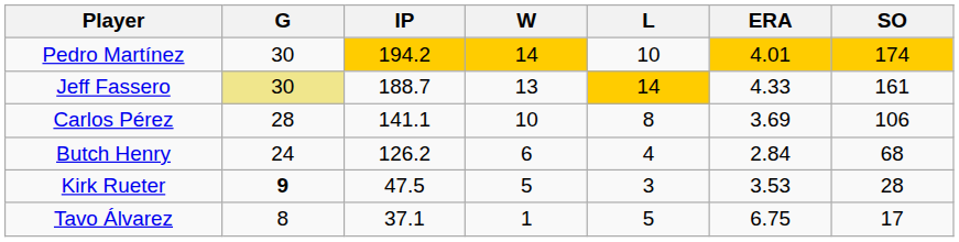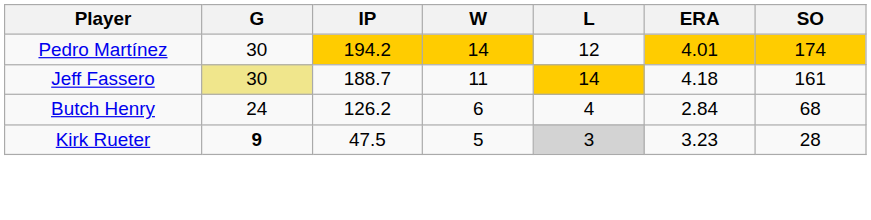 <table class="wikitable sortable">
 <tr>
 <th bgcolor="#DDDDFF" width="16%">Player</th>
 <th bgcolor="#DDDDFF" width="9%">G</th>
 <th bgcolor="#DDDDFF" width="9%">IP</th>
 <th bgcolor="#DDDDFF" width="9%">W</th>
 <th bgcolor="#DDDDFF" width="9%">L</th>
 <th bgcolor="#DDDDFF" width="9%">ERA</th>
 <th bgcolor="#DDDDFF" width="9%">SO</th>
 </tr>
 <tr align=center>
 <td><a href='#'>Pedro Martínez</a></td>
 <td>30</td>
 <td bgcolor="#FFCC00">194.2</td>
 <td bgcolor="#FFCC00">14</td>
-<td>10</td>
+<td>12</td>
 <td bgcolor="#FFCC00">4.01</td>
 <td bgcolor="#FFCC00">174</td>
 </tr>
 <tr align=center>
 <td><a href='#'>Jeff Fassero</a></td>
 <td style="background: khaki;">30</td>
 <td>188.7</td>
-<td>13</td>
+<td>11</td>
 <td bgcolor="#FFCC00">14</td>
-<td>4.33</td>
+<td>4.18</td>
 <td>161</td>
-</tr>
-<tr align=center>
-<td><a href='#'>Carlos Pérez</a></td>
-<td>28</td>
-<td>141.1</td>
-<td>10</td>
-<td>8</td>
-<td>3.69</td>
-<td>106</td>
 </tr>
 <tr align=center>
 <td><a href='#'>Butch Henry</a></td>
 <td>24</td>
 <td>126.2</td>
 <td>6</td>
 <td>4</td>
 <td>2.84</td>
 <td>68</td>
 </tr>
 <tr align=center>
 <td><a href='#'>Kirk Rueter</a></td>
 <td><strong>9</strong></td>
 <td>47.5</td>
 <td>5</td>
-<td>3</td>
-<td>3.53</td>
+<td style="background: lightgrey;">3</td>
+<td>3.23</td>
 <td>28</td>
 </tr>
-<tr align=center>
-<td><a href='#'>Tavo Álvarez</a></td>
-<td>8</td>
-<td>37.1</td>
-<td>1</td>
-<td>5</td>
-<td>6.75</td>
-<td>17</td>
-</tr>
 </table>
